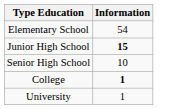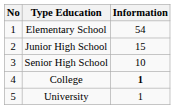 <table class="wikitable" style="text-align:center">
 <tr>
+<th>No</th>
 <th>Type Education</th>
 <th>Information</th>
 </tr>
 <tr>
+<td>1</td>
 <td>Elementary School</td>
 <td>54</td>
 </tr>
 <tr>
+<td>2</td>
 <td>Junior High School</td>
-<td><strong>15</strong></td>
+<td>15</td>
 </tr>
 <tr>
+<td>3</td>
 <td>Senior High School</td>
 <td>10</td>
 </tr>
 <tr>
+<td>4</td>
 <td>College</td>
 <td><strong>1</strong></td>
 </tr>
 <tr>
+<td>5</td>
 <td>University</td>
 <td>1</td>
 </tr>
 </table>
